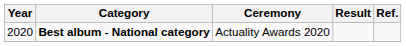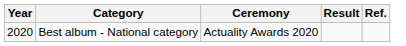 <table class="wikitable">
 <tr>
 <th>Year</th>
 <th>Category</th>
 <th>Ceremony</th>
 <th>Result</th>
 <th>Ref.</th>
 </tr>
 <tr>
 <td rowspan="2">2020</td>
-<td><strong>Best album - National category</strong></td>
+<td>Best album - National category</td>
 <td rowspan="3">Actuality Awards 2020</td>
 <td></td>
 <td></td>
 </tr>
 </table>
